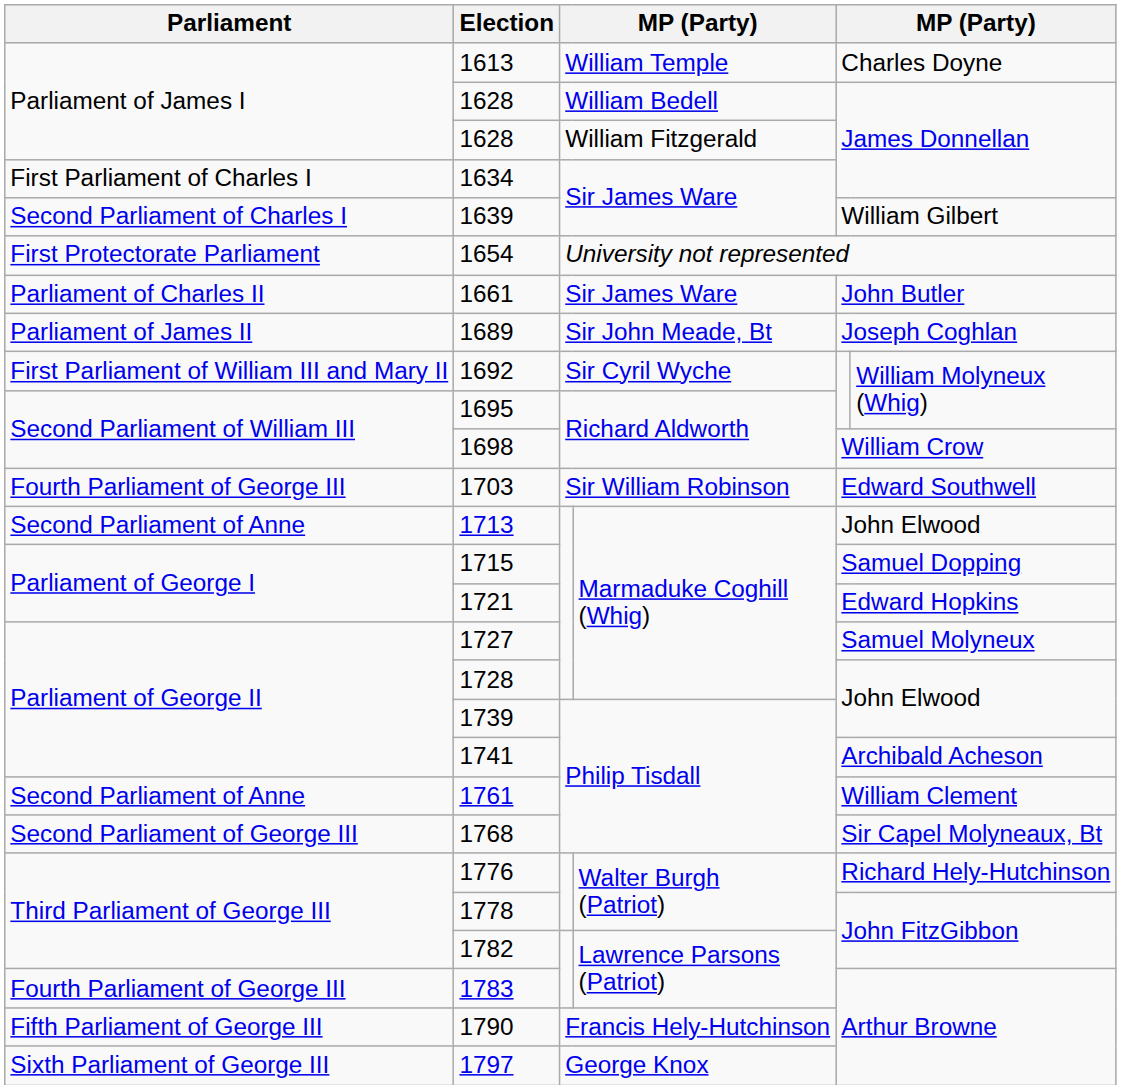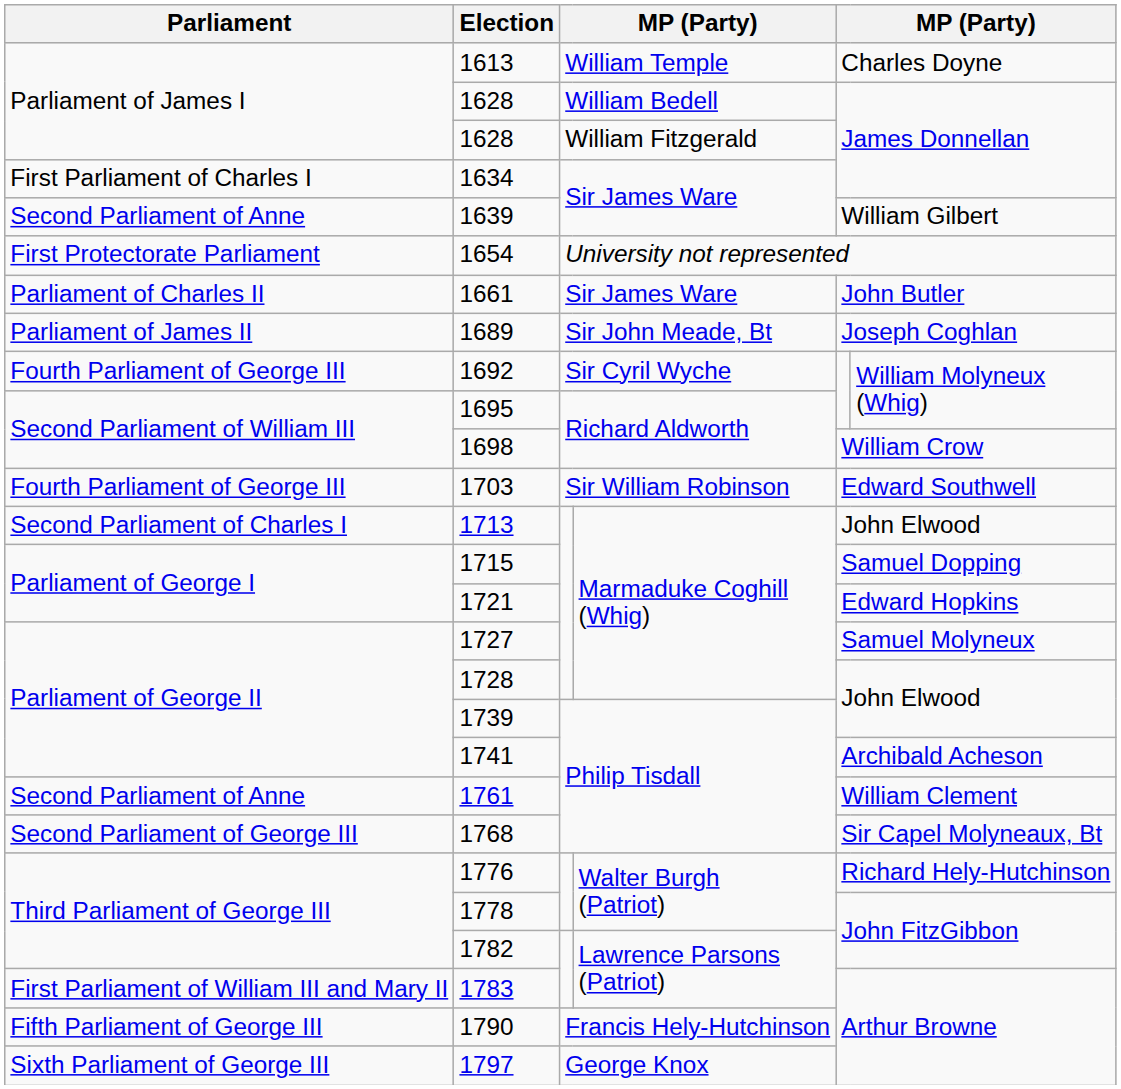 <table class="wikitable">
 <tr>
 <th>Parliament</th>
 <th>Election</th>
 <th colspan=2>MP (Party)</th>
 <th colspan=2>MP (Party)</th>
 </tr>
 <tr>
 <td rowspan=3>Parliament of James I</td>
 <td>1613</td>
 <td colspan=2><a href='#'>William Temple</a></td>
 <td colspan=2>Charles Doyne</td>
 </tr>
 <tr>
 <td>1628</td>
 <td colspan=2><a href='#'>William Bedell</a></td>
 <td colspan=2 rowspan=3><a href='#'>James Donnellan</a></td>
 </tr>
 <tr>
 <td>1628</td>
 <td colspan=2>William Fitzgerald</td>
 </tr>
 <tr>
 <td>First Parliament of Charles I</td>
 <td>1634</td>
 <td colspan=2 rowspan=2><a href='#'>Sir James Ware</a></td>
 </tr>
 <tr>
-<td><a href='#'>Second Parliament of Charles I</a></td>
+<td><a href='#'>Second Parliament of Anne</a></td>
 <td>1639</td>
 <td colspan=2>William Gilbert</td>
 </tr>
 <tr>
 <td><a href='#'>First Protectorate Parliament</a></td>
 <td>1654</td>
 <td colspan=4><em>University not represented</em></td>
 </tr>
 <tr>
 <td><a href='#'>Parliament of Charles II</a></td>
 <td>1661</td>
 <td colspan=2><a href='#'>Sir James Ware</a></td>
 <td colspan=2><a href='#'>John Butler</a></td>
 </tr>
 <tr>
 <td><a href='#'>Parliament of James II</a></td>
 <td>1689</td>
 <td colspan=2><a href='#'>Sir John Meade, Bt</a></td>
 <td colspan=2><a href='#'>Joseph Coghlan</a></td>
 </tr>
 <tr>
-<td><a href='#'>First Parliament of William III and Mary II</a></td>
+<td><a href='#'>Fourth Parliament of George III</a></td>
 <td>1692</td>
 <td colspan=2><a href='#'>Sir Cyril Wyche</a></td>
 <td rowspan=2 style="color:inherit;background-color: "></td>
 <td rowspan=2><a href='#'>William Molyneux</a><br>(<a href='#'>Whig</a>)</td>
 </tr>
 <tr>
 <td rowspan=2><a href='#'>Second Parliament of William III</a></td>
 <td>1695</td>
 <td colspan=2 rowspan=2><a href='#'>Richard Aldworth</a></td>
 </tr>
 <tr>
 <td>1698</td>
 <td colspan=2><a href='#'>William Crow</a></td>
 </tr>
 <tr>
 <td><a href='#'>Fourth Parliament of George III</a></td>
 <td>1703</td>
 <td colspan=2><a href='#'>Sir William Robinson</a></td>
 <td colspan=2><a href='#'>Edward Southwell</a></td>
 </tr>
 <tr>
-<td><a href='#'>Second Parliament of Anne</a></td>
+<td><a href='#'>Second Parliament of Charles I</a></td>
 <td><a href='#'>1713</a></td>
 <td rowspan=5 style="color:inherit;background-color: "></td>
 <td rowspan=5><a href='#'>Marmaduke Coghill</a><br>(<a href='#'>Whig</a>)</td>
 <td colspan=2>John Elwood</td>
 </tr>
 <tr>
 <td rowspan=2><a href='#'>Parliament of George I</a></td>
 <td>1715</td>
 <td colspan=2><a href='#'>Samuel Dopping</a></td>
 </tr>
 <tr>
 <td>1721</td>
 <td colspan=2><a href='#'>Edward Hopkins</a></td>
 </tr>
 <tr>
 <td rowspan=4><a href='#'>Parliament of George II</a></td>
 <td>1727</td>
 <td colspan=2><a href='#'>Samuel Molyneux</a></td>
 </tr>
 <tr>
 <td>1728</td>
 <td rowspan=2 colspan=2>John Elwood</td>
 </tr>
 <tr>
 <td>1739</td>
 <td rowspan=4 colspan=2><a href='#'>Philip Tisdall</a></td>
 </tr>
 <tr>
 <td>1741</td>
 <td colspan=2><a href='#'>Archibald Acheson</a></td>
 </tr>
 <tr>
 <td><a href='#'>Second Parliament of Anne</a></td>
 <td><a href='#'>1761</a></td>
 <td colspan=2><a href='#'>William Clement</a></td>
 </tr>
 <tr>
 <td><a href='#'>Second Parliament of George III</a></td>
 <td>1768</td>
 <td colspan=2><a href='#'>Sir Capel Molyneaux, Bt</a></td>
 </tr>
 <tr>
 <td rowspan=3><a href='#'>Third Parliament of George III</a></td>
 <td>1776</td>
 <td rowspan=2 style="color:inherit;background-color: "></td>
 <td rowspan=2><a href='#'>Walter Burgh</a><br>(<a href='#'>Patriot</a>)</td>
 <td colspan=2><a href='#'>Richard Hely-Hutchinson</a><br></td>
 </tr>
 <tr>
 <td>1778</td>
 <td colspan=2 rowspan=2><a href='#'>John FitzGibbon</a></td>
 </tr>
 <tr>
 <td>1782</td>
 <td rowspan=2 style="color:inherit;background-color: "></td>
 <td rowspan=2><a href='#'>Lawrence Parsons</a><br>(<a href='#'>Patriot</a>)</td>
 </tr>
 <tr>
-<td><a href='#'>Fourth Parliament of George III</a></td>
+<td><a href='#'>First Parliament of William III and Mary II</a></td>
 <td><a href='#'>1783</a></td>
 <td colspan=2 rowspan=3><a href='#'>Arthur Browne</a></td>
 </tr>
 <tr>
 <td><a href='#'>Fifth Parliament of George III</a></td>
 <td>1790</td>
 <td colspan=2><a href='#'>Francis Hely-Hutchinson</a></td>
 </tr>
 <tr>
 <td><a href='#'>Sixth Parliament of George III</a></td>
 <td><a href='#'>1797</a></td>
 <td colspan=2><a href='#'>George Knox</a></td>
 </tr>
 </table>
